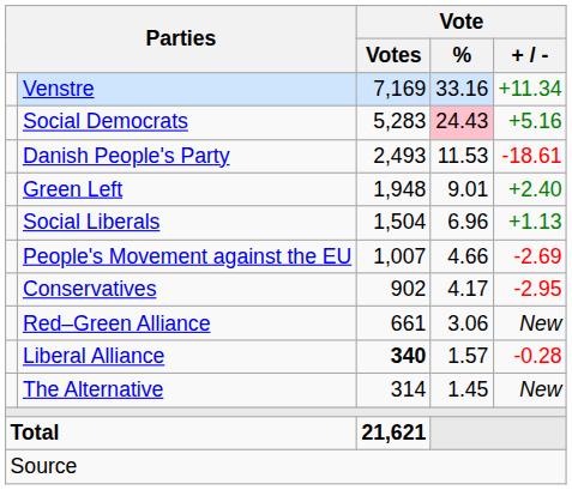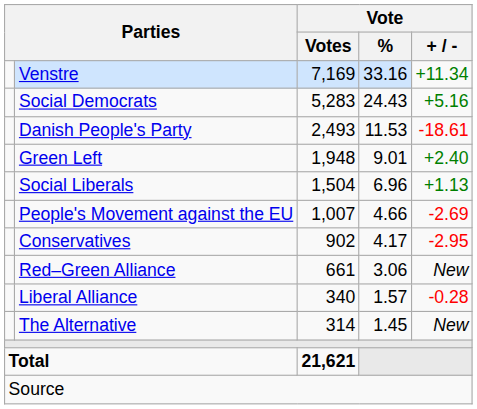 <table class="wikitable" style="text-align:right;">
 <tr>
 <th style="text-align:centre;" rowspan="2" colspan="2" width="225">Parties</th>
 <th colspan="3">Vote</th>
 </tr>
 <tr>
 <th width="15">Votes</th>
 <th width="15">%</th>
 <th width="15">+ / -</th>
 </tr>
 <tr>
 <td width="2" style="color:inherit;background:"></td>
 <td bgcolor=#cfe5fe   align="left"><a href='#'>Venstre</a></td>
 <td bgcolor=#cfe5fe>7,169</td>
 <td bgcolor=#cfe5fe>33.16</td>
 <td style=color:green;>+11.34</td>
 </tr>
 <tr>
 <td width="2" style="color:inherit;background:"></td>
 <td align="left"><a href='#'>Social Democrats</a></td>
 <td>5,283</td>
-<td style="background: pink;">24.43</td>
+<td>24.43</td>
 <td style=color:green;>+5.16</td>
 </tr>
 <tr>
 <td width="2" style="color:inherit;background:"></td>
 <td align="left"><a href='#'>Danish People's Party</a></td>
 <td>2,493</td>
 <td>11.53</td>
 <td style=color:red;>-18.61</td>
 </tr>
 <tr>
 <td width="2" style="color:inherit;background:"></td>
 <td align="left"><a href='#'>Green Left</a></td>
 <td>1,948</td>
 <td>9.01</td>
 <td style=color:green;>+2.40</td>
 </tr>
 <tr>
 <td width="2" style="color:inherit;background:"></td>
 <td align="left"><a href='#'>Social Liberals</a></td>
 <td>1,504</td>
 <td>6.96</td>
 <td style=color:green;>+1.13</td>
 </tr>
 <tr>
 <td width="2" style="color:inherit;background:"></td>
 <td align="left"><a href='#'>People's Movement against the EU</a></td>
 <td>1,007</td>
 <td>4.66</td>
 <td style=color:red;>-2.69</td>
 </tr>
 <tr>
 <td width="2" style="color:inherit;background:"></td>
 <td align="left"><a href='#'>Conservatives</a></td>
 <td>902</td>
 <td>4.17</td>
 <td style=color:red;>-2.95</td>
 </tr>
 <tr>
 <td width="2" style="color:inherit;background:"></td>
 <td align="left"><a href='#'>Red–Green Alliance</a></td>
 <td>661</td>
 <td>3.06</td>
 <td><em>New</em></td>
 </tr>
 <tr>
 <td width="2" style="color:inherit;background:"></td>
 <td align="left"><a href='#'>Liberal Alliance</a></td>
-<td><strong>340</strong></td>
+<td>340</td>
 <td>1.57</td>
 <td style=color:red;>-0.28</td>
 </tr>
 <tr>
 <td width="2" style="color:inherit;background:"></td>
 <td align="left"><a href='#'>The Alternative</a></td>
 <td>314</td>
 <td>1.45</td>
 <td><em>New</em></td>
 </tr>
 <tr>
 <td colspan="7" bgcolor="#E9E9E9"></td>
 </tr>
 <tr>
 <td align="left" colspan="2"><strong>Total</strong></td>
 <td><strong>21,621</strong></td>
 <td bgcolor="#E9E9E9" colspan="2"></td>
 </tr>
 <tr>
 <td align="left" colspan="6">Source</td>
 </tr>
 </table>
